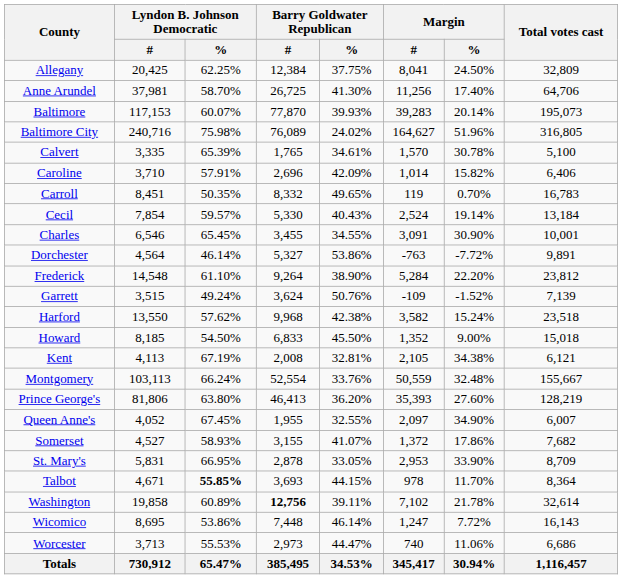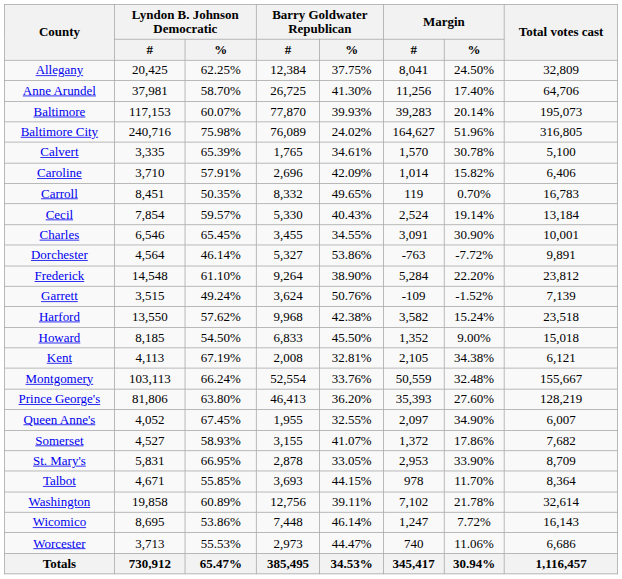 <table width="60%"  class="wikitable sortable" style="text-align:center">
 <tr>
 <th style="text-align:center;" rowspan="2">County</th>
 <th style="text-align:center;" colspan="2">Lyndon B. Johnson<br>Democratic</th>
 <th style="text-align:center;" colspan="2">Barry Goldwater<br>Republican</th>
 <th style="text-align:center;" colspan="2">Margin</th>
 <th style="text-align:center;" rowspan="2">Total votes cast</th>
 </tr>
 <tr>
 <th style="text-align:center;" data-sort-type="number">#</th>
 <th style="text-align:center;" data-sort-type="number">%</th>
 <th style="text-align:center;" data-sort-type="number">#</th>
 <th style="text-align:center;" data-sort-type="number">%</th>
 <th style="text-align:center;" data-sort-type="number">#</th>
 <th style="text-align:center;" data-sort-type="number">%</th>
 </tr>
 <tr style="text-align:center;">
 <td><a href='#'>Allegany</a></td>
 <td>20,425</td>
 <td>62.25%</td>
 <td>12,384</td>
 <td>37.75%</td>
 <td>8,041</td>
 <td>24.50%</td>
 <td>32,809</td>
 </tr>
 <tr style="text-align:center;">
 <td><a href='#'>Anne Arundel</a></td>
 <td>37,981</td>
 <td>58.70%</td>
 <td>26,725</td>
 <td>41.30%</td>
 <td>11,256</td>
 <td>17.40%</td>
 <td>64,706</td>
 </tr>
 <tr style="text-align:center;">
 <td><a href='#'>Baltimore</a></td>
 <td>117,153</td>
 <td>60.07%</td>
 <td>77,870</td>
 <td>39.93%</td>
 <td>39,283</td>
 <td>20.14%</td>
 <td>195,073</td>
 </tr>
 <tr style="text-align:center;">
 <td><a href='#'>Baltimore City</a></td>
 <td>240,716</td>
 <td>75.98%</td>
 <td>76,089</td>
 <td>24.02%</td>
 <td>164,627</td>
 <td>51.96%</td>
 <td>316,805</td>
 </tr>
 <tr style="text-align:center;">
 <td><a href='#'>Calvert</a></td>
 <td>3,335</td>
 <td>65.39%</td>
 <td>1,765</td>
 <td>34.61%</td>
 <td>1,570</td>
 <td>30.78%</td>
 <td>5,100</td>
 </tr>
 <tr style="text-align:center;">
 <td><a href='#'>Caroline</a></td>
 <td>3,710</td>
 <td>57.91%</td>
 <td>2,696</td>
 <td>42.09%</td>
 <td>1,014</td>
 <td>15.82%</td>
 <td>6,406</td>
 </tr>
 <tr style="text-align:center;">
 <td><a href='#'>Carroll</a></td>
 <td>8,451</td>
 <td>50.35%</td>
 <td>8,332</td>
 <td>49.65%</td>
 <td>119</td>
 <td>0.70%</td>
 <td>16,783</td>
 </tr>
 <tr style="text-align:center;">
 <td><a href='#'>Cecil</a></td>
 <td>7,854</td>
 <td>59.57%</td>
 <td>5,330</td>
 <td>40.43%</td>
 <td>2,524</td>
 <td>19.14%</td>
 <td>13,184</td>
 </tr>
 <tr style="text-align:center;">
 <td><a href='#'>Charles</a></td>
 <td>6,546</td>
 <td>65.45%</td>
 <td>3,455</td>
 <td>34.55%</td>
 <td>3,091</td>
 <td>30.90%</td>
 <td>10,001</td>
 </tr>
 <tr style="text-align:center;">
 <td><a href='#'>Dorchester</a></td>
 <td>4,564</td>
 <td>46.14%</td>
 <td>5,327</td>
 <td>53.86%</td>
 <td>-763</td>
 <td>-7.72%</td>
 <td>9,891</td>
 </tr>
 <tr style="text-align:center;">
 <td><a href='#'>Frederick</a></td>
 <td>14,548</td>
 <td>61.10%</td>
 <td>9,264</td>
 <td>38.90%</td>
 <td>5,284</td>
 <td>22.20%</td>
 <td>23,812</td>
 </tr>
 <tr style="text-align:center;">
 <td><a href='#'>Garrett</a></td>
 <td>3,515</td>
 <td>49.24%</td>
 <td>3,624</td>
 <td>50.76%</td>
 <td>-109</td>
 <td>-1.52%</td>
 <td>7,139</td>
 </tr>
 <tr style="text-align:center;">
 <td><a href='#'>Harford</a></td>
 <td>13,550</td>
 <td>57.62%</td>
 <td>9,968</td>
 <td>42.38%</td>
 <td>3,582</td>
 <td>15.24%</td>
 <td>23,518</td>
 </tr>
 <tr style="text-align:center;">
 <td><a href='#'>Howard</a></td>
 <td>8,185</td>
 <td>54.50%</td>
 <td>6,833</td>
 <td>45.50%</td>
 <td>1,352</td>
 <td>9.00%</td>
 <td>15,018</td>
 </tr>
 <tr style="text-align:center;">
 <td><a href='#'>Kent</a></td>
 <td>4,113</td>
 <td>67.19%</td>
 <td>2,008</td>
 <td>32.81%</td>
 <td>2,105</td>
 <td>34.38%</td>
 <td>6,121</td>
 </tr>
 <tr style="text-align:center;">
 <td><a href='#'>Montgomery</a></td>
 <td>103,113</td>
 <td>66.24%</td>
 <td>52,554</td>
 <td>33.76%</td>
 <td>50,559</td>
 <td>32.48%</td>
 <td>155,667</td>
 </tr>
 <tr style="text-align:center;">
 <td><a href='#'>Prince George's</a></td>
 <td>81,806</td>
 <td>63.80%</td>
 <td>46,413</td>
 <td>36.20%</td>
 <td>35,393</td>
 <td>27.60%</td>
 <td>128,219</td>
 </tr>
 <tr style="text-align:center;">
 <td><a href='#'>Queen Anne's</a></td>
 <td>4,052</td>
 <td>67.45%</td>
 <td>1,955</td>
 <td>32.55%</td>
 <td>2,097</td>
 <td>34.90%</td>
 <td>6,007</td>
 </tr>
 <tr style="text-align:center;">
 <td><a href='#'>Somerset</a></td>
 <td>4,527</td>
 <td>58.93%</td>
 <td>3,155</td>
 <td>41.07%</td>
 <td>1,372</td>
 <td>17.86%</td>
 <td>7,682</td>
 </tr>
 <tr style="text-align:center;">
 <td><a href='#'>St. Mary's</a></td>
 <td>5,831</td>
 <td>66.95%</td>
 <td>2,878</td>
 <td>33.05%</td>
 <td>2,953</td>
 <td>33.90%</td>
 <td>8,709</td>
 </tr>
 <tr style="text-align:center;">
 <td><a href='#'>Talbot</a></td>
 <td>4,671</td>
-<td><strong>55.85%</strong></td>
+<td>55.85%</td>
 <td>3,693</td>
 <td>44.15%</td>
 <td>978</td>
 <td>11.70%</td>
 <td>8,364</td>
 </tr>
 <tr style="text-align:center;">
 <td><a href='#'>Washington</a></td>
 <td>19,858</td>
 <td>60.89%</td>
-<td><strong>12,756</strong></td>
+<td>12,756</td>
 <td>39.11%</td>
 <td>7,102</td>
 <td>21.78%</td>
 <td>32,614</td>
 </tr>
 <tr style="text-align:center;">
 <td><a href='#'>Wicomico</a></td>
 <td>8,695</td>
 <td>53.86%</td>
 <td>7,448</td>
 <td>46.14%</td>
 <td>1,247</td>
 <td>7.72%</td>
 <td>16,143</td>
 </tr>
 <tr style="text-align:center;">
 <td><a href='#'>Worcester</a></td>
 <td>3,713</td>
 <td>55.53%</td>
 <td>2,973</td>
 <td>44.47%</td>
 <td>740</td>
 <td>11.06%</td>
 <td>6,686</td>
 </tr>
 <tr style="text-align:center;">
 <th>Totals</th>
 <th>730,912</th>
 <th>65.47%</th>
 <th>385,495</th>
 <th>34.53%</th>
 <th>345,417</th>
 <th>30.94%</th>
 <th>1,116,457</th>
 </tr>
 </table>
